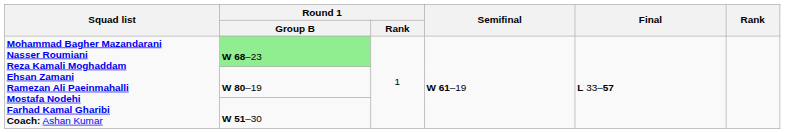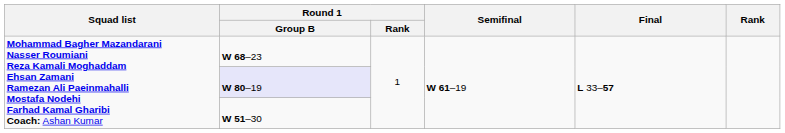 <table class="wikitable" width="71%" style="text-align:left; font-size:90%">
 <tr>
 <th rowspan="2" width="20%">Squad list</th>
 <th colspan="2">Round 1</th>
 <th rowspan="2" width="14%">Semifinal</th>
 <th rowspan="2" width="14%">Final</th>
 <th rowspan="2" width="5%">Rank</th>
 </tr>
 <tr>
 <th width="14%">Group B</th>
 <th width="5%">Rank</th>
 </tr>
 <tr>
 <td rowspan="3"><strong><a href='#'>Mohammad Bagher Mazandarani</a><br><a href='#'>Nasser Roumiani</a><br><a href='#'>Reza Kamali Moghaddam</a><br><a href='#'>Ehsan Zamani</a><br><a href='#'>Ramezan Ali Paeinmahalli</a><br><a href='#'>Mostafa Nodehi</a><br><a href='#'>Farhad Kamal Gharibi</a><br>Coach:</strong>  <a href='#'>Ashan Kumar</a></td>
-<td style="background: lightgreen;"><br><strong>W</strong> <strong>68</strong>–23</td>
+<td><br><strong>W</strong> <strong>68</strong>–23</td>
 <td rowspan="3" align=center>1 <strong></strong></td>
 <td rowspan="3"><br><strong>W</strong> <strong>61</strong>–19</td>
 <td rowspan="3"><br><strong>L</strong> 33–<strong>57</strong></td>
 <td rowspan="3" align="center"></td>
 </tr>
 <tr>
-<td><br><strong>W</strong> <strong>80</strong>–19</td>
+<td style="background: lavender;"><br><strong>W</strong> <strong>80</strong>–19</td>
 </tr>
 <tr>
 <td><br><strong>W</strong> <strong>51</strong>–30</td>
 </tr>
 </table>
